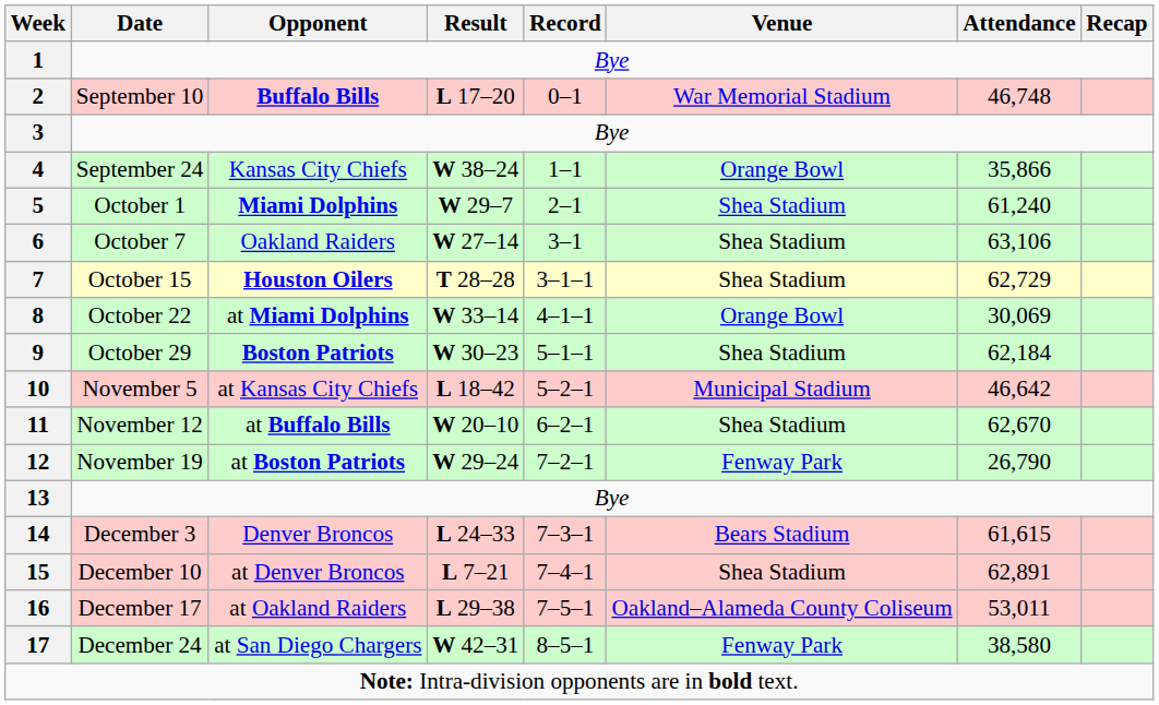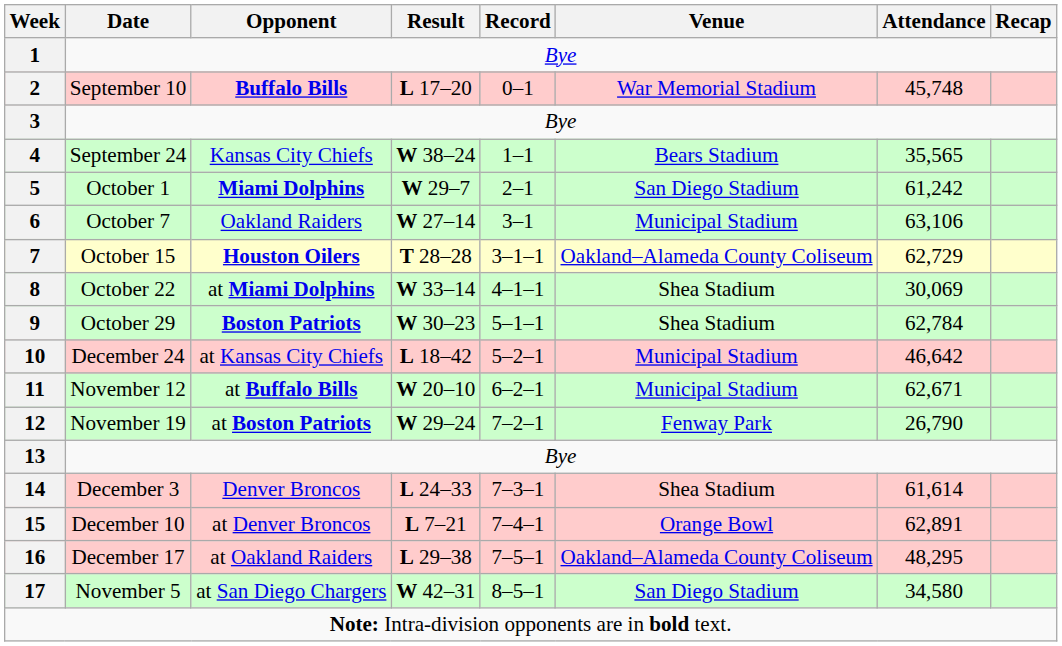 <table class="wikitable" style="text-align:center">
 <tr>
 <th>Week</th>
 <th>Date</th>
 <th>Opponent</th>
 <th>Result</th>
 <th>Record</th>
 <th>Venue</th>
 <th>Attendance</th>
 <th>Recap</th>
 </tr>
 <tr>
 <th>1</th>
 <td align=center colspan=7><em><a href='#'>Bye</a></em></td>
 </tr>
 <tr style="background: #fcc;">
 <th>2</th>
 <td>September 10</td>
 <td><strong><a href='#'>Buffalo Bills</a></strong></td>
 <td><strong>L</strong> 17–20</td>
 <td>0–1</td>
 <td><a href='#'>War Memorial Stadium</a></td>
-<td>46,748</td>
+<td>45,748</td>
 <td></td>
 </tr>
 <tr>
 <th>3</th>
 <td align=center colspan=7><em>Bye</em></td>
 </tr>
 <tr style="background: #cfc;">
 <th>4</th>
 <td>September 24</td>
 <td><a href='#'>Kansas City Chiefs</a></td>
 <td><strong>W</strong> 38–24</td>
 <td>1–1</td>
-<td><a href='#'>Orange Bowl</a></td>
-<td>35,866</td>
+<td><a href='#'>Bears Stadium</a></td>
+<td>35,565</td>
 <td></td>
 </tr>
 <tr style="background: #cfc;">
 <th>5</th>
 <td>October 1</td>
 <td><strong><a href='#'>Miami Dolphins</a></strong></td>
 <td><strong>W</strong> 29–7</td>
 <td>2–1</td>
-<td><a href='#'>Shea Stadium</a></td>
-<td>61,240</td>
+<td><a href='#'>San Diego Stadium</a></td>
+<td>61,242</td>
 <td></td>
 </tr>
 <tr style="background: #cfc;">
 <th>6</th>
 <td>October 7</td>
 <td><a href='#'>Oakland Raiders</a></td>
 <td><strong>W</strong> 27–14</td>
 <td>3–1</td>
-<td>Shea Stadium</td>
+<td><a href='#'>Municipal Stadium</a></td>
 <td>63,106</td>
 <td></td>
 </tr>
 <tr style="background: #ffc;">
 <th>7</th>
 <td>October 15</td>
 <td><strong><a href='#'>Houston Oilers</a></strong></td>
 <td><strong>T</strong> 28–28</td>
 <td>3–1–1</td>
-<td>Shea Stadium</td>
+<td><a href='#'>Oakland–Alameda County Coliseum</a></td>
 <td>62,729</td>
 <td></td>
 </tr>
 <tr style="background: #cfc;">
 <th>8</th>
 <td>October 22</td>
 <td>at <strong><a href='#'>Miami Dolphins</a></strong></td>
 <td><strong>W</strong> 33–14</td>
 <td>4–1–1</td>
-<td><a href='#'>Orange Bowl</a></td>
+<td>Shea Stadium</td>
 <td>30,069</td>
 <td></td>
 </tr>
 <tr style="background: #cfc;">
 <th>9</th>
 <td>October 29</td>
 <td><strong><a href='#'>Boston Patriots</a></strong></td>
 <td><strong>W</strong> 30–23</td>
 <td>5–1–1</td>
 <td>Shea Stadium</td>
-<td>62,184</td>
+<td>62,784</td>
 <td></td>
 </tr>
 <tr style="background: #fcc;">
 <th>10</th>
-<td>November 5</td>
+<td>December 24</td>
 <td>at <a href='#'>Kansas City Chiefs</a></td>
 <td><strong>L</strong> 18–42</td>
 <td>5–2–1</td>
 <td><a href='#'>Municipal Stadium</a></td>
 <td>46,642</td>
 <td></td>
 </tr>
 <tr style="background: #cfc;">
 <th>11</th>
 <td>November 12</td>
 <td>at <strong><a href='#'>Buffalo Bills</a></strong></td>
 <td><strong>W</strong> 20–10</td>
 <td>6–2–1</td>
-<td>Shea Stadium</td>
-<td>62,670</td>
+<td><a href='#'>Municipal Stadium</a></td>
+<td>62,671</td>
 <td></td>
 </tr>
 <tr style="background: #cfc;">
 <th>12</th>
 <td>November 19</td>
 <td>at <strong><a href='#'>Boston Patriots</a></strong></td>
 <td><strong>W</strong> 29–24</td>
 <td>7–2–1</td>
 <td><a href='#'>Fenway Park</a></td>
 <td>26,790</td>
 <td></td>
 </tr>
 <tr>
 <th>13</th>
 <td align=center colspan=7><em>Bye</em></td>
 </tr>
 <tr style="background: #fcc;">
 <th>14</th>
 <td>December 3</td>
 <td><a href='#'>Denver Broncos</a></td>
 <td><strong>L</strong> 24–33</td>
 <td>7–3–1</td>
-<td><a href='#'>Bears Stadium</a></td>
-<td>61,615</td>
+<td>Shea Stadium</td>
+<td>61,614</td>
 <td></td>
 </tr>
 <tr style="background: #fcc;">
 <th>15</th>
 <td>December 10</td>
 <td>at <a href='#'>Denver Broncos</a></td>
 <td><strong>L</strong> 7–21</td>
 <td>7–4–1</td>
-<td>Shea Stadium</td>
+<td><a href='#'>Orange Bowl</a></td>
 <td>62,891</td>
 <td></td>
 </tr>
 <tr style="background: #fcc;">
 <th>16</th>
 <td>December 17</td>
 <td>at <a href='#'>Oakland Raiders</a></td>
 <td><strong>L</strong> 29–38</td>
 <td>7–5–1</td>
 <td><a href='#'>Oakland–Alameda County Coliseum</a></td>
-<td>53,011</td>
+<td>48,295</td>
 <td></td>
 </tr>
 <tr style="background: #cfc;">
 <th>17</th>
-<td>December 24</td>
+<td>November 5</td>
 <td>at <a href='#'>San Diego Chargers</a></td>
 <td><strong>W</strong> 42–31</td>
 <td>8–5–1</td>
-<td><a href='#'>Fenway Park</a></td>
-<td>38,580</td>
+<td><a href='#'>San Diego Stadium</a></td>
+<td>34,580</td>
 <td></td>
 </tr>
 <tr>
 <td colspan="8"><strong>Note:</strong> Intra-division opponents are in <strong>bold</strong> text.</td>
 </tr>
 </table>
